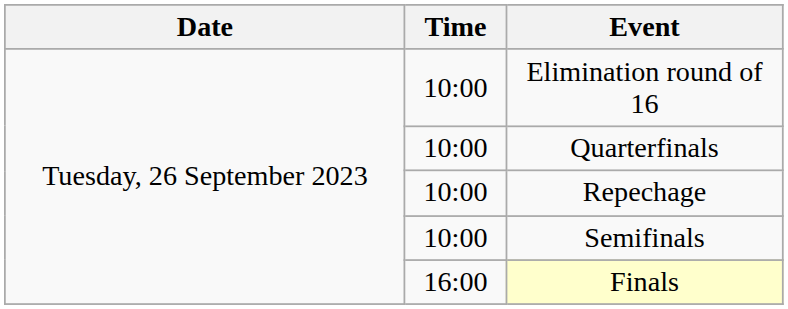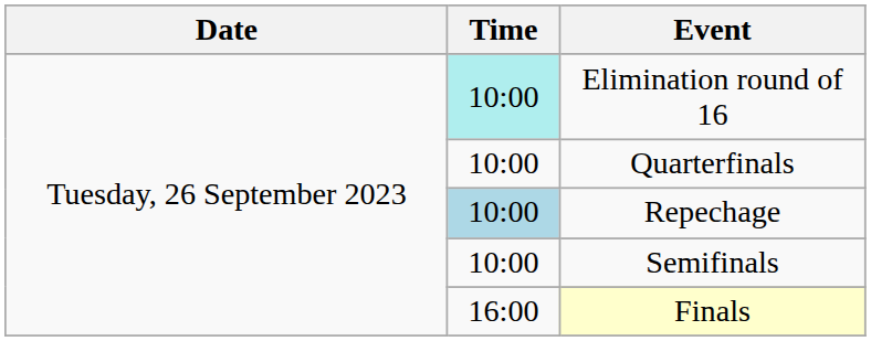 <table class = "wikitable" style="text-align:center;">
 <tr>
 <th width=220>Date</th>
 <th width=50>Time</th>
 <th width=150>Event</th>
 </tr>
 <tr>
 <td rowspan=5>Tuesday, 26 September 2023</td>
-<td>10:00</td>
+<td style="background: paleturquoise;">10:00</td>
 <td>Elimination round of 16</td>
 </tr>
 <tr>
 <td>10:00</td>
 <td>Quarterfinals</td>
 </tr>
 <tr>
-<td>10:00</td>
+<td style="background: lightblue;">10:00</td>
 <td>Repechage</td>
 </tr>
 <tr>
 <td>10:00</td>
 <td>Semifinals</td>
 </tr>
 <tr>
 <td>16:00</td>
 <td bgcolor=ffffcc>Finals</td>
 </tr>
 </table>
